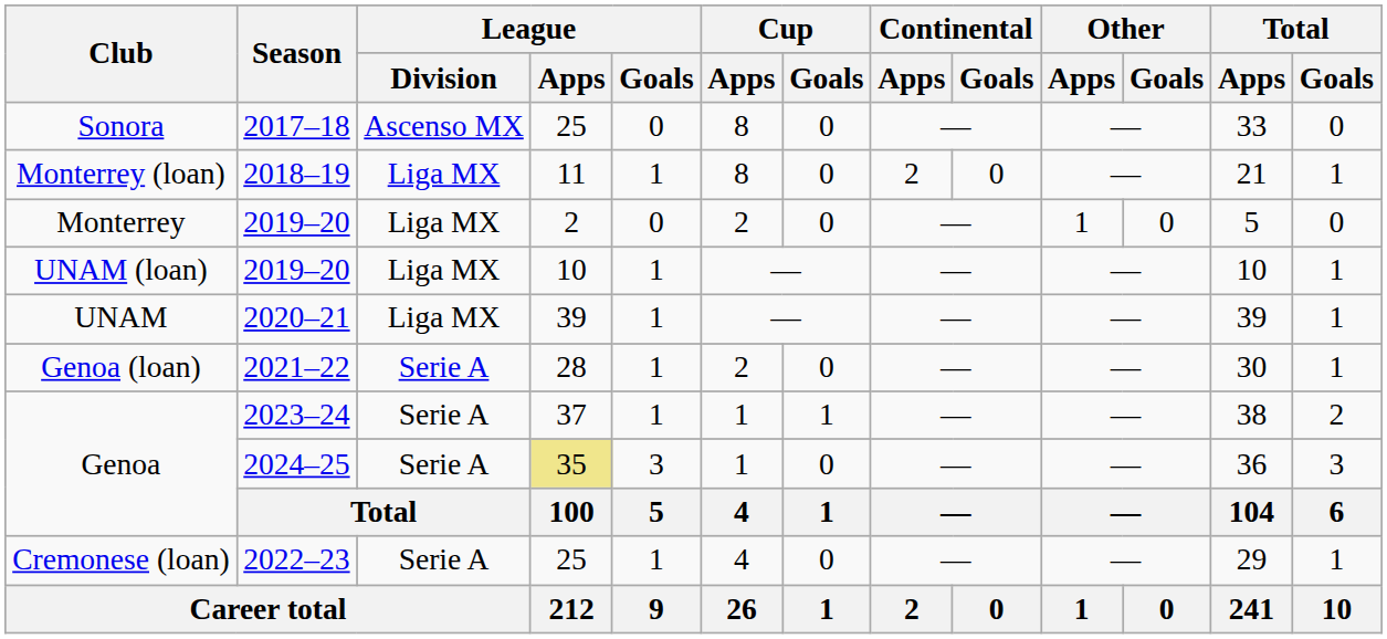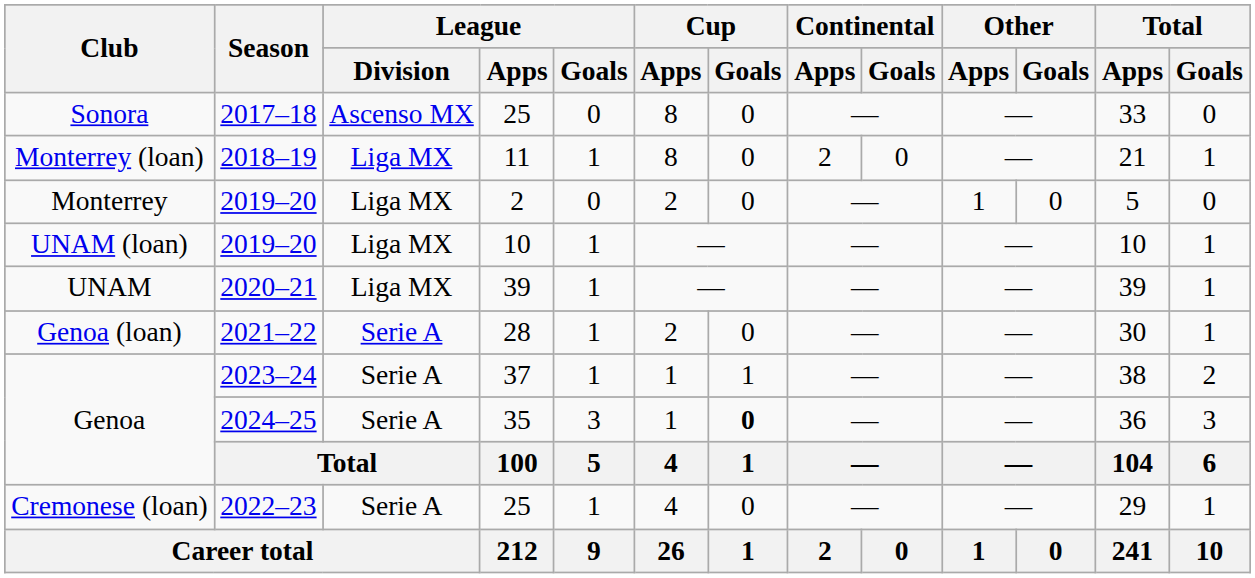 <table class="wikitable" style="text-align:center">
 <tr>
 <th rowspan="2">Club</th>
 <th rowspan="2">Season</th>
 <th colspan="3">League</th>
 <th colspan="2">Cup</th>
 <th colspan="2">Continental</th>
 <th colspan="2">Other</th>
 <th colspan="2">Total</th>
 </tr>
 <tr>
 <th>Division</th>
 <th>Apps</th>
 <th>Goals</th>
 <th>Apps</th>
 <th>Goals</th>
 <th>Apps</th>
 <th>Goals</th>
 <th>Apps</th>
 <th>Goals</th>
 <th>Apps</th>
 <th>Goals</th>
 </tr>
 <tr>
 <td><a href='#'>Sonora</a></td>
 <td><a href='#'>2017–18</a></td>
 <td><a href='#'>Ascenso MX</a></td>
 <td>25</td>
 <td>0</td>
 <td>8</td>
 <td>0</td>
 <td colspan="2">—</td>
 <td colspan="2">—</td>
 <td>33</td>
 <td>0</td>
 </tr>
 <tr>
 <td><a href='#'>Monterrey</a> (loan)</td>
 <td><a href='#'>2018–19</a></td>
 <td><a href='#'>Liga MX</a></td>
 <td>11</td>
 <td>1</td>
 <td>8</td>
 <td>0</td>
 <td>2</td>
 <td>0</td>
 <td colspan="2">—</td>
 <td>21</td>
 <td>1</td>
 </tr>
 <tr>
 <td>Monterrey</td>
 <td><a href='#'>2019–20</a></td>
 <td>Liga MX</td>
 <td>2</td>
 <td>0</td>
 <td>2</td>
 <td>0</td>
 <td colspan="2">—</td>
 <td>1</td>
 <td>0</td>
 <td>5</td>
 <td>0</td>
 </tr>
 <tr>
 <td><a href='#'>UNAM</a> (loan)</td>
 <td><a href='#'>2019–20</a></td>
 <td>Liga MX</td>
 <td>10</td>
 <td>1</td>
 <td colspan="2">—</td>
 <td colspan="2">—</td>
 <td colspan="2">—</td>
 <td>10</td>
 <td>1</td>
 </tr>
 <tr>
 <td>UNAM</td>
 <td><a href='#'>2020–21</a></td>
 <td>Liga MX</td>
 <td>39</td>
 <td>1</td>
 <td colspan="2">—</td>
 <td colspan="2">—</td>
 <td colspan="2">—</td>
 <td>39</td>
 <td>1</td>
 </tr>
 <tr>
 <td><a href='#'>Genoa</a> (loan)</td>
 <td><a href='#'>2021–22</a></td>
 <td><a href='#'>Serie A</a></td>
 <td>28</td>
 <td>1</td>
 <td>2</td>
 <td>0</td>
 <td colspan="2">—</td>
 <td colspan="2">—</td>
 <td>30</td>
 <td>1</td>
 </tr>
 <tr>
 <td rowspan="3">Genoa</td>
 <td><a href='#'>2023–24</a></td>
 <td>Serie A</td>
 <td>37</td>
 <td>1</td>
 <td>1</td>
 <td>1</td>
 <td colspan="2">—</td>
 <td colspan="2">—</td>
 <td>38</td>
 <td>2</td>
 </tr>
 <tr>
 <td><a href='#'>2024–25</a></td>
 <td>Serie A</td>
-<td style="background: khaki;">35</td>
+<td>35</td>
 <td>3</td>
 <td>1</td>
-<td>0</td>
+<td><strong>0</strong></td>
 <td colspan="2">—</td>
 <td colspan="2">—</td>
 <td>36</td>
 <td>3</td>
 </tr>
 <tr>
 <th colspan="2">Total</th>
 <th>100</th>
 <th>5</th>
 <th>4</th>
 <th>1</th>
 <th colspan="2">—</th>
 <th colspan="2">—</th>
 <th>104</th>
 <th>6</th>
 </tr>
 <tr>
 <td><a href='#'>Cremonese</a> (loan)</td>
 <td><a href='#'>2022–23</a></td>
 <td>Serie A</td>
 <td>25</td>
 <td>1</td>
 <td>4</td>
 <td>0</td>
 <td colspan="2">—</td>
 <td colspan="2">—</td>
 <td>29</td>
 <td>1</td>
 </tr>
 <tr>
 <th colspan="3">Career total</th>
 <th>212</th>
 <th>9</th>
 <th>26</th>
 <th>1</th>
 <th>2</th>
 <th>0</th>
 <th>1</th>
 <th>0</th>
 <th>241</th>
 <th>10</th>
 </tr>
 </table>
